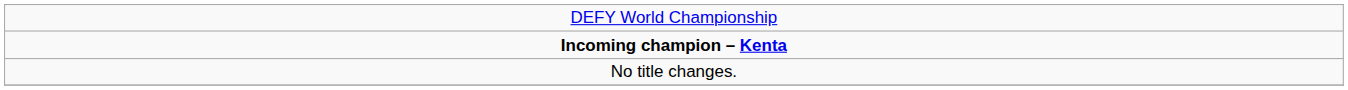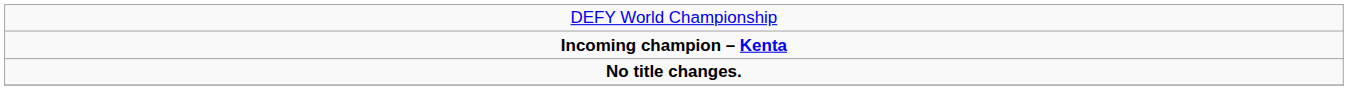 <table class="wikitable" style="text-align:center; width:100%;">
 <tr>
 <td colspan="4" style="text-align: center;"><a href='#'>DEFY World Championship</a></td>
 </tr>
 <tr>
 <td colspan="4" style="text-align: center;"><strong>Incoming champion – <a href='#'>Kenta</a></strong></td>
 </tr>
 <tr>
-<td>No title changes.</td>
+<td><strong>No title changes.</strong></td>
 </tr>
 <tr>
 </tr>
 </table>
